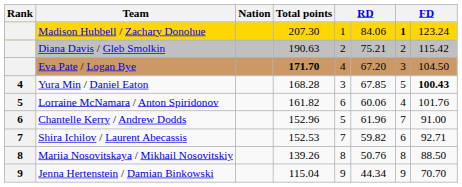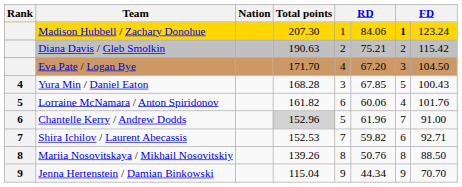 <table class="wikitable sortable" style="text-align:left">
 <tr>
 <th scope="col">Rank</th>
 <th scope="col">Team</th>
 <th scope="col">Nation</th>
 <th scope="col">Total points</th>
 <th scope="col" colspan="2" width="80px"><a href='#'>RD</a></th>
 <th scope="col" colspan="2" width="80px"><a href='#'>FD</a></th>
 </tr>
 <tr bgcolor="gold">
 <th scope="row"></th>
 <td><a href='#'>Madison Hubbell</a> / <a href='#'>Zachary Donohue</a></td>
 <td></td>
 <td align="center">207.30</td>
 <td align="center">1</td>
 <td align="center">84.06</td>
 <td align="center"><strong>1</strong></td>
 <td align="center">123.24</td>
 </tr>
 <tr bgcolor="silver">
 <th scope="row"></th>
 <td><a href='#'>Diana Davis</a> / <a href='#'>Gleb Smolkin</a></td>
 <td></td>
 <td align="center">190.63</td>
 <td align="center">2</td>
 <td align="center">75.21</td>
 <td align="center">2</td>
 <td align="center">115.42</td>
 </tr>
 <tr bgcolor="cc9966">
 <th scope="row"></th>
 <td><a href='#'>Eva Pate</a> / <a href='#'>Logan Bye</a></td>
 <td></td>
-<td align="center"><strong>171.70</strong></td>
+<td align="center">171.70</td>
 <td align="center">4</td>
 <td align="center">67.20</td>
 <td align="center">3</td>
 <td align="center">104.50</td>
 </tr>
 <tr>
 <th scope="row">4</th>
 <td><a href='#'>Yura Min</a> / <a href='#'>Daniel Eaton</a></td>
 <td></td>
 <td align="center">168.28</td>
 <td align="center">3</td>
 <td align="center">67.85</td>
 <td align="center">5</td>
-<td align="center"><strong>100.43</strong></td>
+<td align="center">100.43</td>
 </tr>
 <tr>
 <th scope="row">5</th>
 <td><a href='#'>Lorraine McNamara</a> / <a href='#'>Anton Spiridonov</a></td>
 <td></td>
 <td align="center">161.82</td>
 <td align="center">6</td>
 <td align="center">60.06</td>
 <td align="center">4</td>
 <td align="center">101.76</td>
 </tr>
 <tr>
 <th scope="row">6</th>
 <td><a href='#'>Chantelle Kerry</a> / <a href='#'>Andrew Dodds</a></td>
 <td></td>
-<td align="center">152.96</td>
+<td align="center" style="background: lightgrey;">152.96</td>
 <td align="center">5</td>
 <td align="center">61.96</td>
 <td align="center">7</td>
 <td align="center">91.00</td>
 </tr>
 <tr>
 <th scope="row">7</th>
 <td><a href='#'>Shira Ichilov</a> / <a href='#'>Laurent Abecassis</a></td>
 <td></td>
 <td align="center">152.53</td>
 <td align="center">7</td>
 <td align="center">59.82</td>
 <td align="center">6</td>
 <td align="center">92.71</td>
 </tr>
 <tr>
 <th scope="row">8</th>
 <td><a href='#'>Mariia Nosovitskaya</a> / <a href='#'>Mikhail Nosovitskiy</a></td>
 <td></td>
 <td align="center">139.26</td>
 <td align="center">8</td>
 <td align="center">50.76</td>
 <td align="center">8</td>
 <td align="center">88.50</td>
 </tr>
 <tr>
 <th scope="row">9</th>
 <td><a href='#'>Jenna Hertenstein</a> / <a href='#'>Damian Binkowski</a></td>
 <td></td>
 <td align="center">115.04</td>
 <td align="center">9</td>
 <td align="center">44.34</td>
 <td align="center">9</td>
 <td align="center">70.70</td>
 </tr>
 </table>
